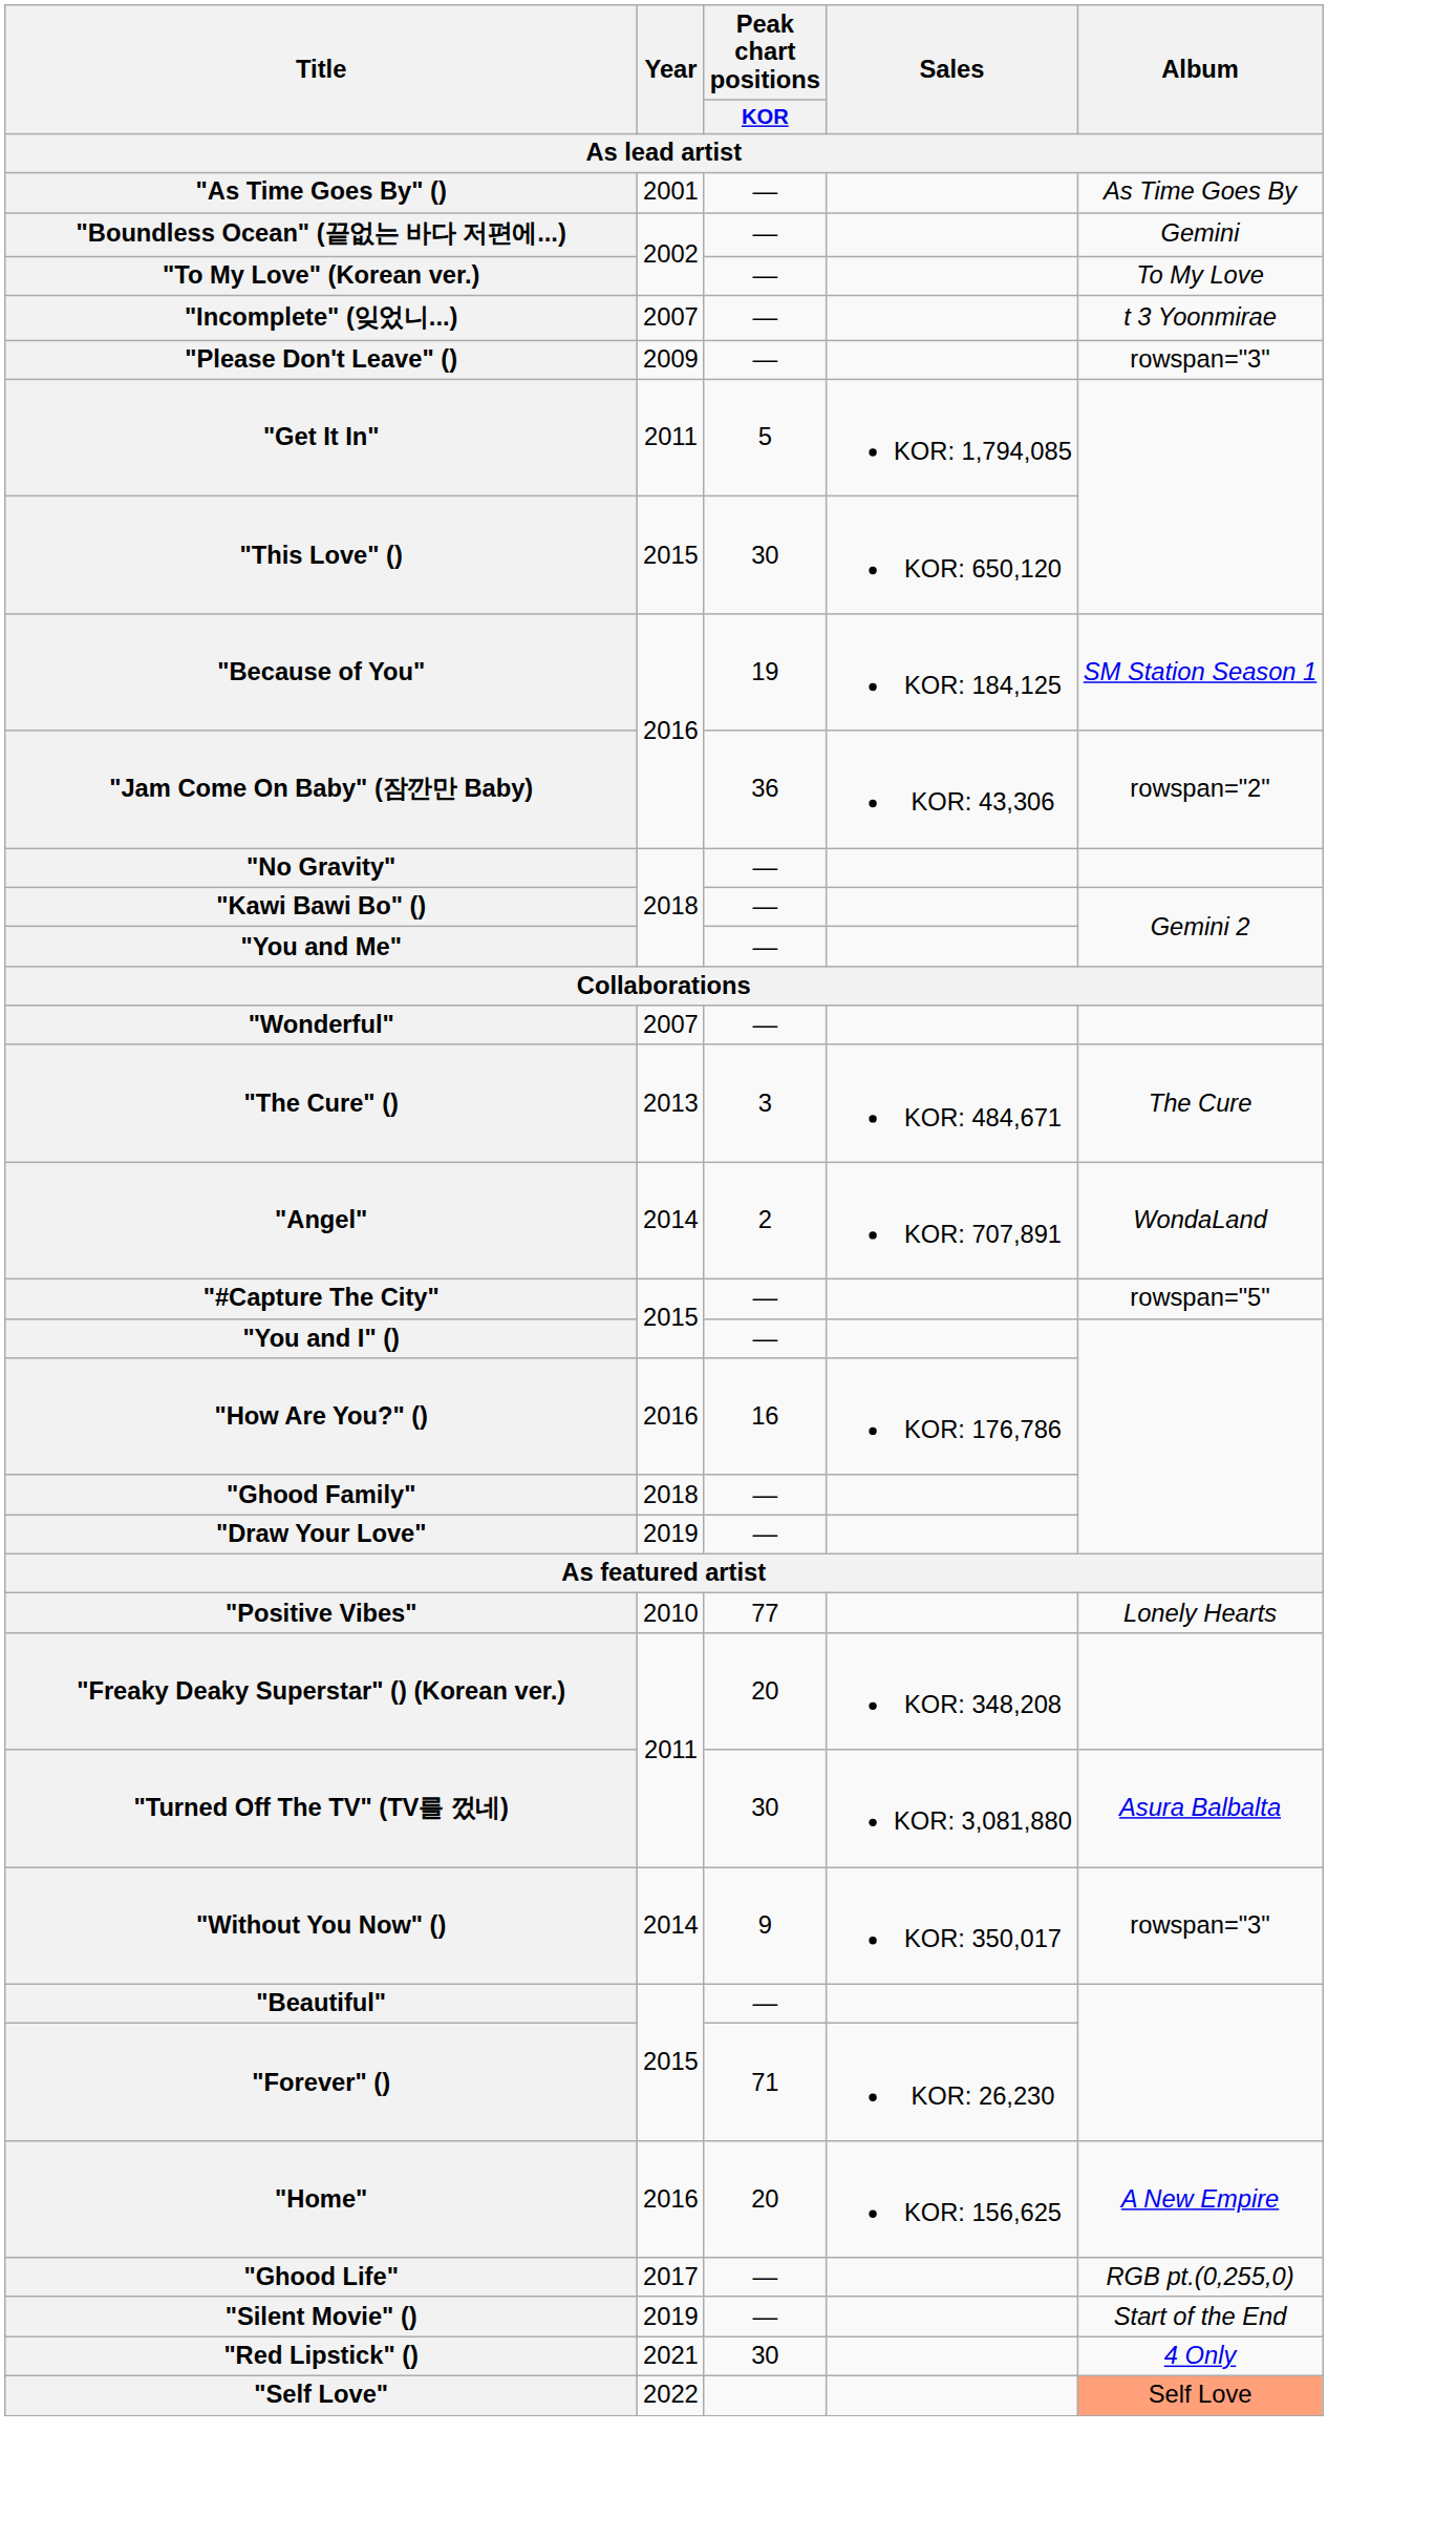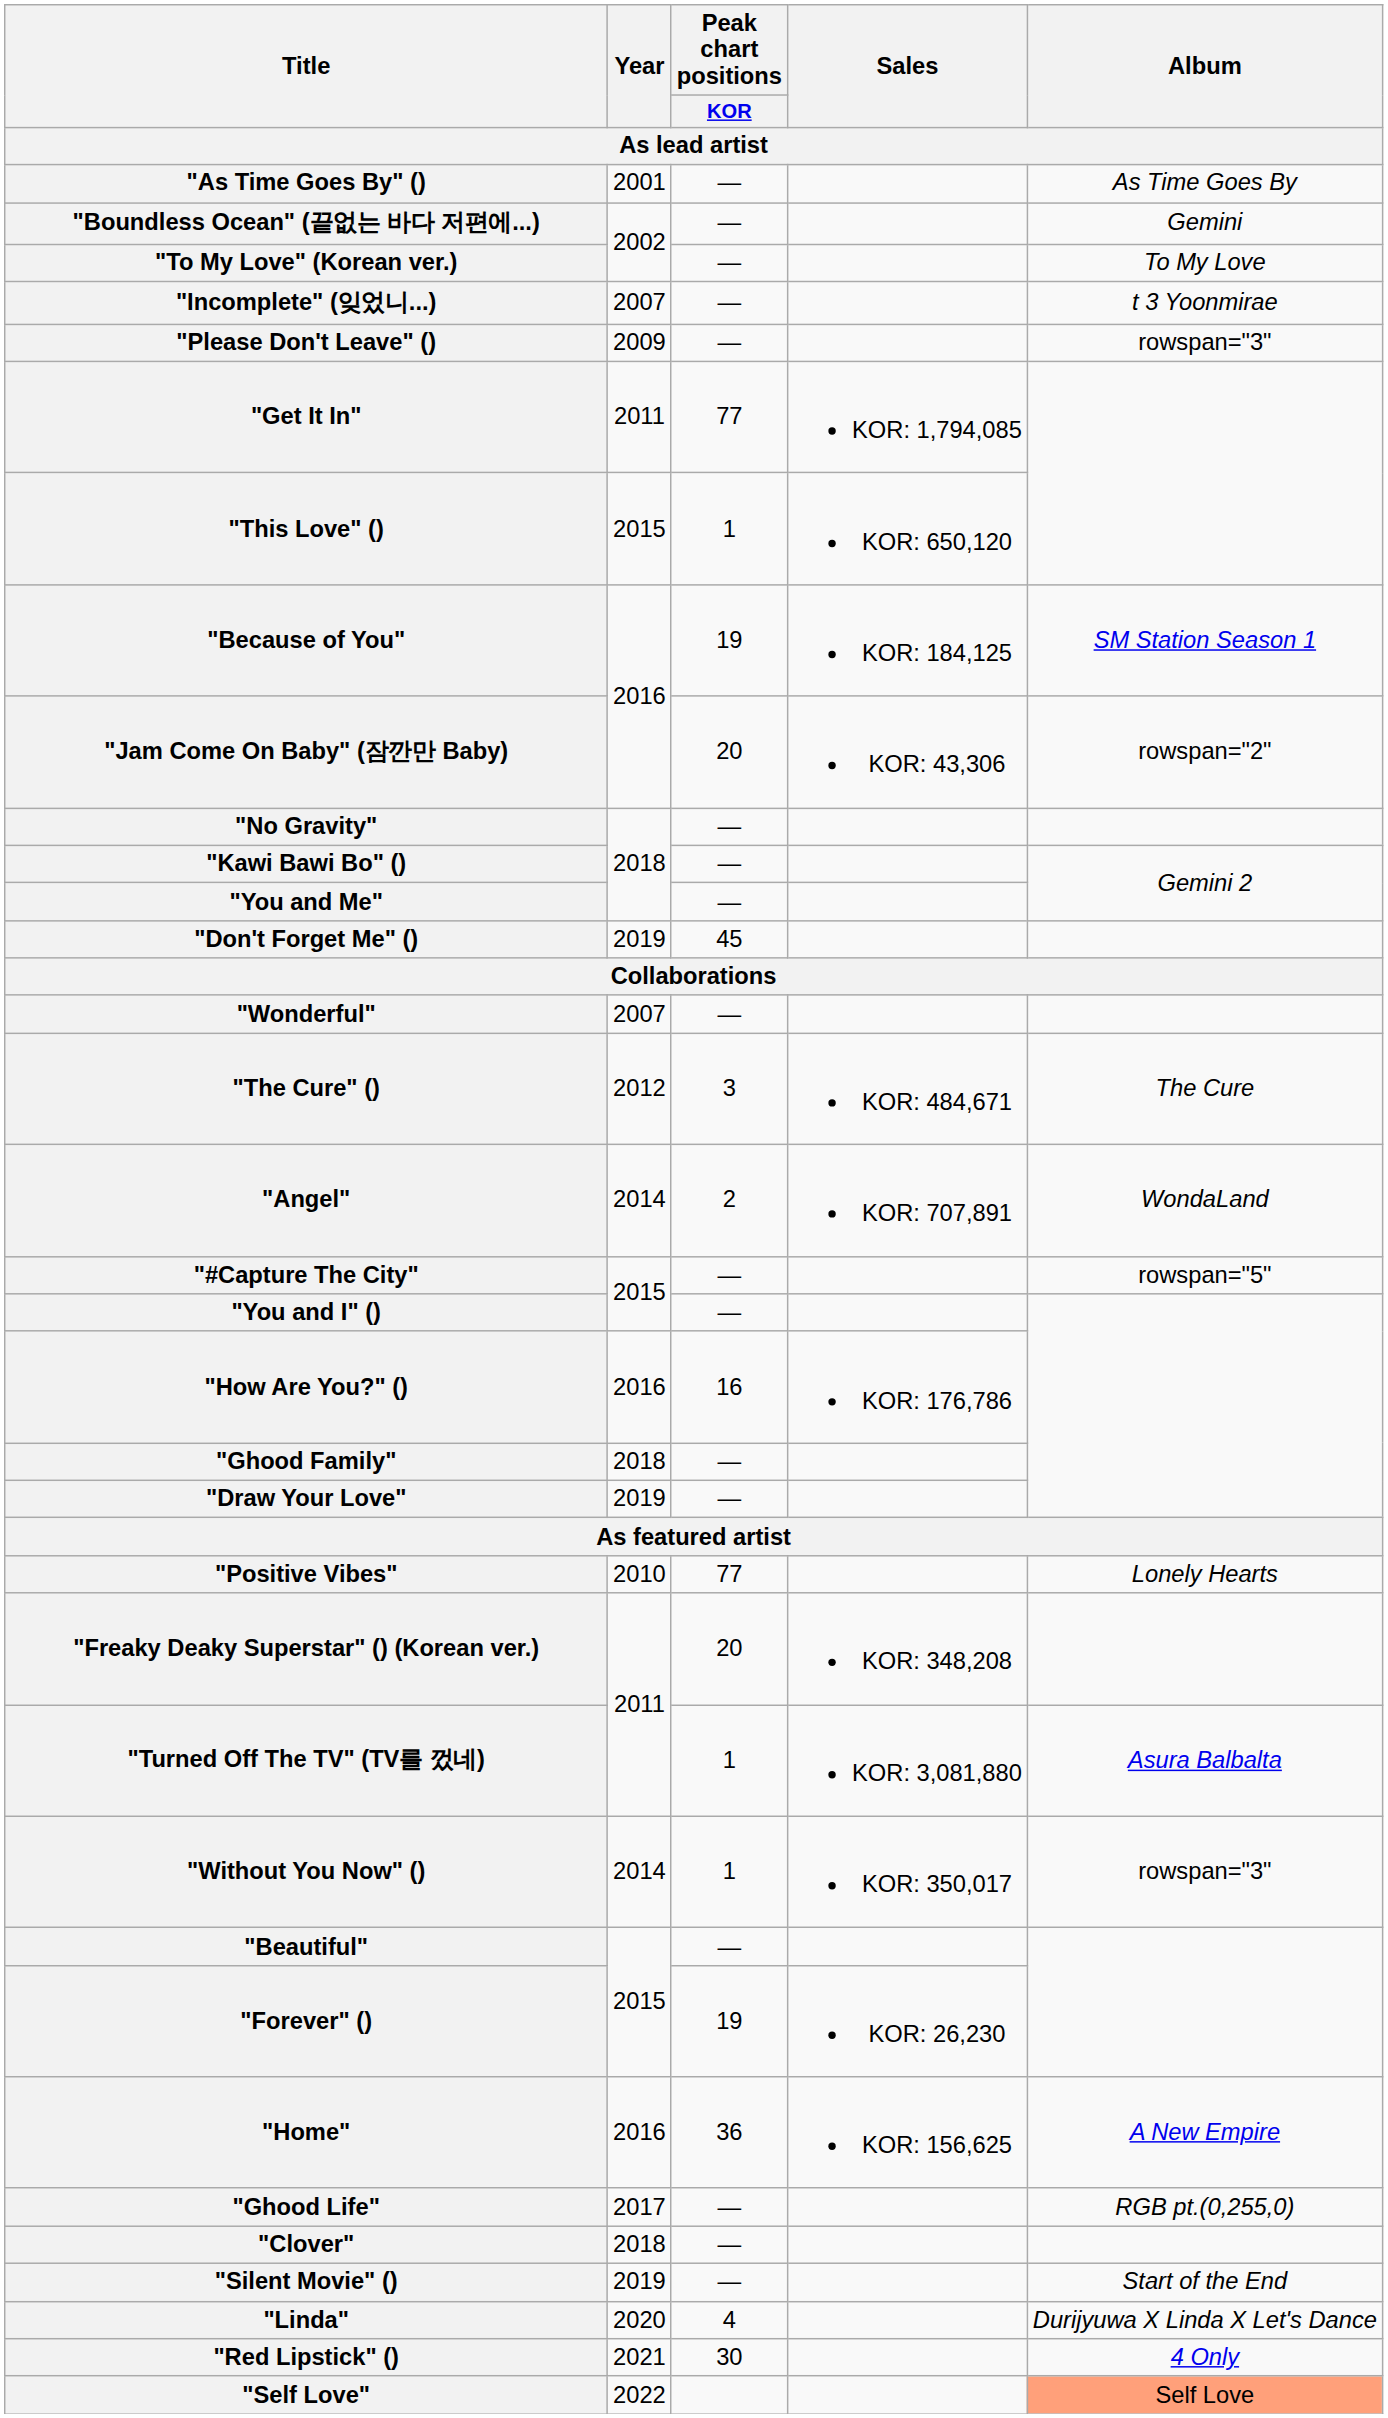 <table class="wikitable plainrowheaders" style="text-align:center;">
 <tr>
 <th scope="col" rowspan="2" style="width:25em;">Title</th>
 <th scope="col" rowspan="2">Year</th>
 <th scope="col" colspan="1">Peak chart positions</th>
 <th scope="col" rowspan="2">Sales</th>
 <th scope="col" rowspan="2">Album</th>
 </tr>
 <tr>
 <th scope="col" style="width:2.5em;font-size:85%"><a href='#'>KOR</a><br></th>
 </tr>
 <tr>
 <th scope="col" colspan="5">As lead artist</th>
 </tr>
 <tr>
 <th scope="row">"As Time Goes By" ()</th>
 <td>2001</td>
 <td>—</td>
 <td></td>
 <td><em>As Time Goes By</em></td>
 </tr>
 <tr>
 <th scope="row">"Boundless Ocean" (끝없는 바다 저편에...)</th>
 <td rowspan="2">2002</td>
 <td>—</td>
 <td></td>
 <td><em>Gemini</em></td>
 </tr>
 <tr>
 <th scope="row">"To My Love" (Korean ver.)</th>
 <td>—</td>
 <td></td>
 <td><em>To My Love</em></td>
 </tr>
 <tr>
 <th scope="row">"Incomplete" (잊었니...)</th>
 <td>2007</td>
 <td>—</td>
 <td></td>
 <td><em>t 3 Yoonmirae</em></td>
 </tr>
 <tr>
 <th scope="row">"Please Don't Leave" ()</th>
 <td>2009</td>
 <td>—</td>
 <td></td>
 <td>rowspan="3" </td>
 </tr>
 <tr>
 <th scope="row">"Get It In" </th>
 <td>2011</td>
-<td>5</td>
+<td>77</td>
 <td><br><ul><li>KOR: 1,794,085</li></ul></td>
 </tr>
 <tr>
 <th scope="row">"This Love" ()</th>
 <td>2015</td>
-<td>30</td>
+<td>1</td>
 <td><br><ul><li>KOR: 650,120</li></ul></td>
 </tr>
 <tr>
 <th scope="row">"Because of You"</th>
 <td rowspan="2">2016</td>
 <td>19</td>
 <td><br><ul><li>KOR: 184,125</li></ul></td>
 <td><em><a href='#'>SM Station Season 1</a></em></td>
 </tr>
 <tr>
 <th scope="row">"Jam Come On Baby" (잠깐만 Baby)</th>
-<td>36</td>
+<td>20</td>
 <td><br><ul><li>KOR: 43,306</li></ul></td>
 <td>rowspan="2" </td>
 </tr>
 <tr>
 <th scope="row">"No Gravity"</th>
 <td rowspan="3">2018</td>
 <td>—</td>
 <td></td>
 </tr>
 <tr>
 <th scope="row">"Kawi Bawi Bo" ()</th>
 <td>—</td>
 <td></td>
 <td rowspan="2"><em>Gemini 2</em></td>
 </tr>
 <tr>
 <th scope="row">"You and Me" </th>
 <td>—</td>
 <td></td>
 </tr>
 <tr>
+<th scope="row">"Don't Forget Me" ()</th>
+<td>2019</td>
+<td>45</td>
+<td></td>
+<td></td>
+</tr>
+<tr>
 <th scope="col" colspan="5">Collaborations</th>
 </tr>
 <tr>
 <th scope="row">"Wonderful" </th>
 <td>2007</td>
 <td>—</td>
 <td></td>
 <td></td>
 </tr>
 <tr>
 <th scope="row">"The Cure" () </th>
-<td>2013</td>
+<td>2012</td>
 <td>3</td>
 <td><br><ul><li>KOR: 484,671</li></ul></td>
 <td><em>The Cure</em></td>
 </tr>
 <tr>
 <th scope="row">"Angel" </th>
 <td>2014</td>
 <td>2</td>
 <td><br><ul><li>KOR: 707,891</li></ul></td>
 <td><em>WondaLand</em></td>
 </tr>
 <tr>
 <th scope="row">"#Capture The City" </th>
 <td rowspan="2">2015</td>
 <td>—</td>
 <td></td>
 <td>rowspan="5" </td>
 </tr>
 <tr>
 <th scope="row">"You and I" () </th>
 <td>—</td>
 <td></td>
 </tr>
 <tr>
 <th scope="row">"How Are You?" () </th>
 <td>2016</td>
 <td>16</td>
 <td><br><ul><li>KOR: 176,786</li></ul></td>
 </tr>
 <tr>
 <th scope="row">"Ghood Family" </th>
 <td>2018</td>
 <td>—</td>
 <td></td>
 </tr>
 <tr>
 <th scope="row">"Draw Your Love" </th>
 <td>2019</td>
 <td>—</td>
 <td></td>
 </tr>
 <tr>
 <th scope="col" colspan="5">As featured artist</th>
 </tr>
 <tr>
 <th scope="row">"Positive Vibes" </th>
 <td>2010</td>
 <td>77</td>
 <td></td>
 <td><em>Lonely Hearts</em></td>
 </tr>
 <tr>
 <th scope="row">"Freaky Deaky Superstar" () (Korean ver.) </th>
 <td rowspan="2">2011</td>
 <td>20</td>
 <td><br><ul><li>KOR: 348,208</li></ul></td>
 <td></td>
 </tr>
 <tr>
 <th scope="row">"Turned Off The TV" (TV를 껐네) </th>
-<td>30</td>
+<td>1</td>
 <td><br><ul><li>KOR: 3,081,880</li></ul></td>
 <td><em><a href='#'>Asura Balbalta</a></em></td>
 </tr>
 <tr>
 <th scope="row">"Without You Now" () </th>
 <td>2014</td>
-<td>9</td>
+<td>1</td>
 <td><br><ul><li>KOR: 350,017</li></ul></td>
 <td>rowspan="3" </td>
 </tr>
 <tr>
 <th scope="row">"Beautiful" </th>
 <td rowspan="2">2015</td>
 <td>—</td>
 <td></td>
 </tr>
 <tr>
 <th scope="row">"Forever" () </th>
-<td>71</td>
+<td>19</td>
 <td><br><ul><li>KOR: 26,230</li></ul></td>
 </tr>
 <tr>
 <th scope="row">"Home" </th>
 <td>2016</td>
-<td>20</td>
+<td>36</td>
 <td><br><ul><li>KOR: 156,625</li></ul></td>
 <td><em><a href='#'>A New Empire</a></em></td>
 </tr>
 <tr>
 <th scope="row">"Ghood Life" </th>
 <td>2017</td>
 <td>—</td>
 <td></td>
 <td><em>RGB pt.(0,255,0)</em></td>
 </tr>
 <tr>
+<th scope="row">"Clover" </th>
+<td>2018</td>
+<td>—</td>
+<td></td>
+<td></td>
+</tr>
+<tr>
 <th scope="row">"Silent Movie" () </th>
 <td>2019</td>
 <td>—</td>
 <td></td>
 <td><em>Start of the End</em></td>
+</tr>
+<tr>
+<th scope="row">"Linda" </th>
+<td>2020</td>
+<td>4</td>
+<td></td>
+<td><em>Durijyuwa X Linda X Let's Dance</em></td>
 </tr>
 <tr>
 <th scope="row">"Red Lipstick" () </th>
 <td>2021</td>
 <td>30</td>
 <td></td>
 <td><em><a href='#'>4 Only</a></em></td>
 </tr>
 <tr>
 <th scope="row">"Self Love" </th>
 <td>2022</td>
 <td></td>
 <td></td>
 <td style="background: lightsalmon;">Self Love</td>
 </tr>
 </table>
